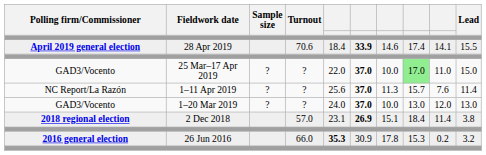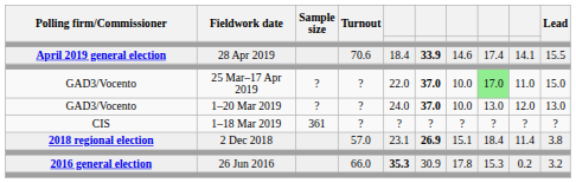 <table class="wikitable collapsible collapsed" style="text-align:center; font-size:95%; line-height:16px;">
 <tr style="height:42px;">
 <th style="width:250px;" rowspan="2">Polling firm/Commissioner</th>
 <th style="width:125px;" rowspan="2">Fieldwork date</th>
 <th style="width:50px;" rowspan="2">Sample size</th>
 <th style="width:45px;" rowspan="2">Turnout</th>
 <th style="width:35px;"></th>
 <th style="width:35px;"></th>
 <th style="width:35px;"></th>
 <th style="width:35px;"></th>
 <th style="width:35px;"></th>
 <th style="width:30px;" rowspan="2">Lead</th>
 </tr>
 <tr>
 <th style="color:inherit;background:"></th>
 <th style="color:inherit;background:"></th>
 <th style="color:inherit;background:"></th>
 <th style="color:inherit;background:"></th>
 <th style="color:inherit;background:"></th>
 </tr>
 <tr>
 <td colspan="10" style="background:#A0A0A0"></td>
 </tr>
 <tr style="background:#EFEFEF;">
 <td><strong><a href='#'>April 2019 general election</a></strong></td>
 <td>28 Apr 2019</td>
 <td></td>
 <td>70.6</td>
 <td>18.4<br></td>
 <td><strong>33.9</strong><br></td>
 <td>14.6<br></td>
 <td>17.4<br></td>
 <td>14.1<br></td>
 <td style="background:">15.5</td>
 </tr>
 <tr>
 <td colspan="10" style="background:#A0A0A0"></td>
 </tr>
 <tr>
 <td>GAD3/Vocento</td>
 <td>25 Mar–17 Apr 2019</td>
 <td>?</td>
 <td>?</td>
 <td>22.0<br></td>
 <td><strong>37.0</strong><br></td>
 <td>10.0<br></td>
 <td style="background: lightgreen;">17.0<br></td>
 <td>11.0<br></td>
 <td style="background:">15.0</td>
 </tr>
 <tr>
-<td>NC Report/La Razón</td>
-<td>1–11 Apr 2019</td>
-<td>?</td>
-<td>?</td>
-<td>25.6<br></td>
-<td><strong>37.0</strong><br></td>
-<td>11.3<br></td>
-<td>15.7<br></td>
-<td>7.6<br></td>
-<td style="background:">11.4</td>
-</tr>
-<tr>
 <td>GAD3/Vocento</td>
 <td>1–20 Mar 2019</td>
 <td>?</td>
 <td>?</td>
 <td>24.0<br></td>
 <td><strong>37.0</strong><br></td>
 <td>10.0<br></td>
 <td>13.0<br></td>
 <td>12.0<br></td>
 <td style="background:">13.0</td>
+</tr>
+<tr>
+<td>CIS</td>
+<td>1–18 Mar 2019</td>
+<td>361</td>
+<td>?</td>
+<td>?<br></td>
+<td>?<br></td>
+<td>?<br></td>
+<td>?<br></td>
+<td>?<br></td>
+<td style="background:">?</td>
 </tr>
 <tr style="background:#EFEFEF;">
 <td><strong><a href='#'>2018 regional election</a></strong></td>
 <td>2 Dec 2018</td>
 <td></td>
 <td>57.0</td>
 <td>23.1<br></td>
 <td><strong>26.9</strong><br></td>
 <td>15.1<br></td>
 <td>18.4<br></td>
 <td>11.4<br></td>
 <td style="background:">3.8</td>
 </tr>
 <tr>
 <td colspan="10" style="background:#A0A0A0"></td>
 </tr>
 <tr style="background:#EFEFEF;">
 <td><strong><a href='#'>2016 general election</a></strong></td>
 <td>26 Jun 2016</td>
 <td></td>
 <td>66.0</td>
 <td><strong>35.3</strong><br></td>
 <td>30.9<br></td>
 <td>17.8<br></td>
 <td>15.3<br></td>
 <td>0.2<br></td>
 <td style="background:">3.2</td>
 </tr>
 <tr>
 <td colspan="10" style="background:#A0A0A0"></td>
 </tr>
 </table>
